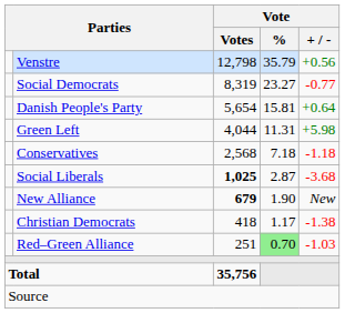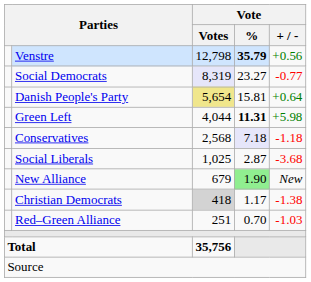 <table class="wikitable" style="text-align:right;">
 <tr>
 <th style="text-align:centre;" rowspan="2" colspan="2" width="225">Parties</th>
 <th colspan="3">Vote</th>
 </tr>
 <tr>
 <th width="15">Votes</th>
 <th width="15">%</th>
 <th width="15">+ / -</th>
 </tr>
 <tr>
 <td width="2" style="color:inherit;background:"></td>
 <td bgcolor=#cfe5fe  align="left"><a href='#'>Venstre</a></td>
 <td bgcolor=#cfe5fe>12,798</td>
-<td bgcolor=#cfe5fe>35.79</td>
+<td bgcolor=#cfe5fe><strong>35.79</strong></td>
 <td style=color:green;>+0.56</td>
 </tr>
 <tr>
 <td width="2" style="color:inherit;background:"></td>
 <td align="left"><a href='#'>Social Democrats</a></td>
-<td>8,319</td>
+<td style="background: lavender;">8,319</td>
 <td>23.27</td>
 <td style=color:red;>-0.77</td>
 </tr>
 <tr>
 <td width="2" style="color:inherit;background:"></td>
 <td align="left"><a href='#'>Danish People's Party</a></td>
-<td>5,654</td>
+<td style="background: khaki;">5,654</td>
 <td>15.81</td>
 <td style=color:green;>+0.64</td>
 </tr>
 <tr>
 <td width="2" style="color:inherit;background:"></td>
 <td align="left"><a href='#'>Green Left</a></td>
 <td>4,044</td>
-<td>11.31</td>
+<td><strong>11.31</strong></td>
 <td style=color:green;>+5.98</td>
 </tr>
 <tr>
 <td width="2" style="color:inherit;background:"></td>
 <td align="left"><a href='#'>Conservatives</a></td>
 <td>2,568</td>
-<td>7.18</td>
+<td style="background: lavender;">7.18</td>
 <td style=color:red;>-1.18</td>
 </tr>
 <tr>
 <td width="2" style="color:inherit;background:"></td>
 <td align="left"><a href='#'>Social Liberals</a></td>
-<td><strong>1,025</strong></td>
+<td>1,025</td>
 <td>2.87</td>
 <td style=color:red;>-3.68</td>
 </tr>
 <tr>
 <td width="2" style="color:inherit;background:"></td>
 <td align="left"><a href='#'>New Alliance</a></td>
-<td><strong>679</strong></td>
-<td>1.90</td>
+<td>679</td>
+<td style="background: lightgreen;">1.90</td>
 <td><em>New</em></td>
 </tr>
 <tr>
 <td width="2" style="color:inherit;background:"></td>
 <td align="left"><a href='#'>Christian Democrats</a></td>
-<td>418</td>
+<td style="background: lightgrey;">418</td>
 <td>1.17</td>
 <td style=color:red;>-1.38</td>
 </tr>
 <tr>
 <td width="2" style="color:inherit;background:"></td>
 <td align="left"><a href='#'>Red–Green Alliance</a></td>
 <td>251</td>
-<td style="background: lightgreen;">0.70</td>
+<td>0.70</td>
 <td style=color:red;>-1.03</td>
 </tr>
 <tr>
 <td colspan="7" bgcolor="#E9E9E9"></td>
 </tr>
 <tr>
 <td align="left" colspan="2"><strong>Total</strong></td>
 <td><strong>35,756</strong></td>
 <td bgcolor="#E9E9E9" colspan="2"></td>
 </tr>
 <tr>
 <td align="left" colspan="6">Source</td>
 </tr>
 </table>
